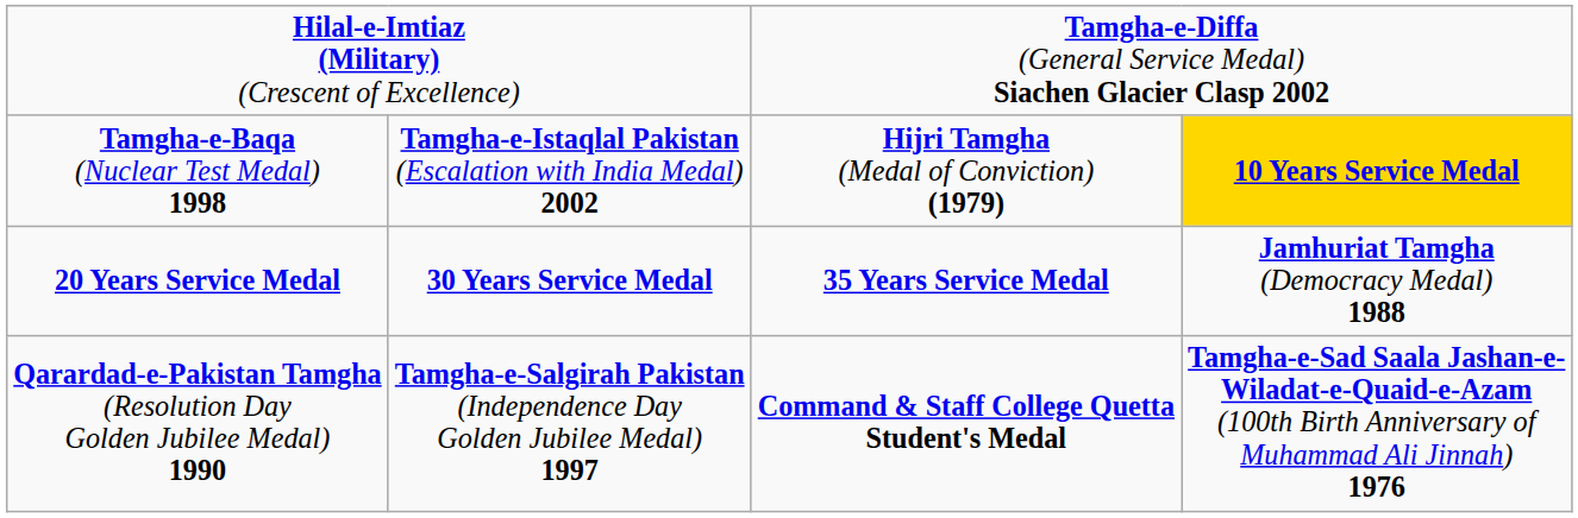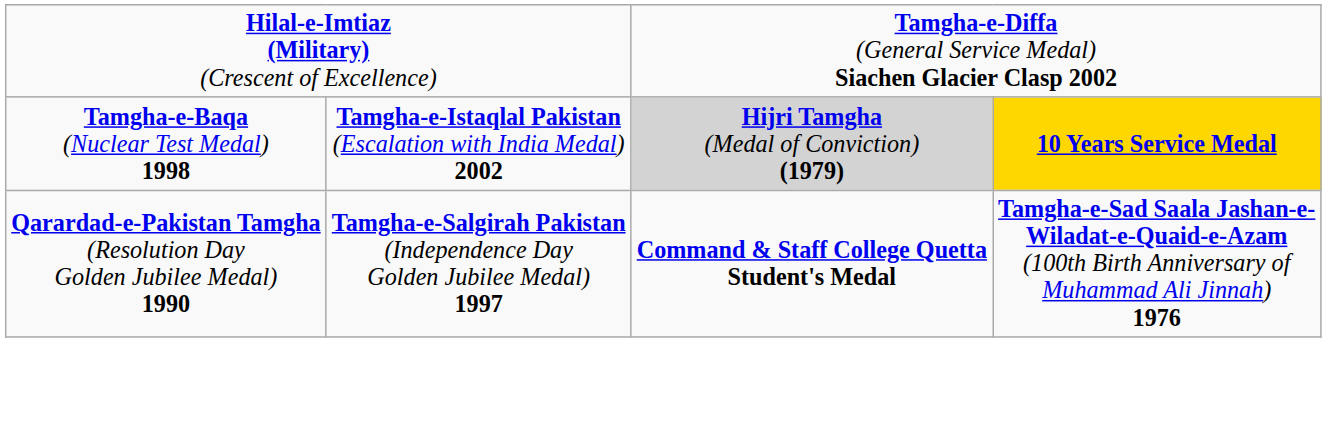 <table class="wikitable" style="margin:1em auto; text-align:center;">
 <tr>
 <td colspan="2"><strong><a href='#'>Hilal-e-Imtiaz</a></strong><br><strong><a href='#'>(Military)</a></strong><br><em>(Crescent of Excellence)</em></td>
 <td colspan="2"><a href='#'><strong>Tamgha-e-Diffa</strong></a><br><em>(General Service Medal)</em><br><strong>Siachen Glacier Clasp</strong> <strong>2002</strong></td>
 </tr>
 <tr>
 <td><strong><a href='#'>Tamgha-e-Baqa</a></strong><br><em>(<a href='#'>Nuclear Test Medal</a>)</em><br><strong>1998</strong></td>
 <td><strong><a href='#'>Tamgha-e-Istaqlal Pakistan</a></strong><br><em>(<a href='#'>Escalation with India Medal</a>)</em><br><strong>2002</strong></td>
-<td><strong><a href='#'>Hijri Tamgha</a></strong><br><em>(Medal of Conviction)</em><br><strong>(1979)</strong></td>
+<td style="background: lightgrey;"><strong><a href='#'>Hijri Tamgha</a></strong><br><em>(Medal of Conviction)</em><br><strong>(1979)</strong></td>
 <td style="background: gold;"><strong><a href='#'>10 Years Service Medal</a></strong></td>
-</tr>
-<tr>
-<td><strong><a href='#'>20 Years Service Medal</a></strong></td>
-<td><strong><a href='#'>30 Years Service Medal</a></strong></td>
-<td><strong><a href='#'>35 Years Service Medal</a></strong></td>
-<td><strong><a href='#'>Jamhuriat Tamgha</a></strong><br><em>(Democracy Medal)</em><br><strong>1988</strong></td>
 </tr>
 <tr>
 <td><strong><a href='#'>Qarardad-e-Pakistan Tamgha</a></strong><br><em>(Resolution Day</em><br><em>Golden Jubilee Medal)</em><br><strong>1990</strong></td>
 <td><strong><a href='#'>Tamgha-e-Salgirah Pakistan</a></strong><br><em>(Independence Day</em><br><em>Golden Jubilee Medal)</em><br><strong>1997</strong></td>
 <td><strong><a href='#'>Command & Staff College Quetta</a></strong><br><strong>Student's Medal</strong></td>
 <td><strong><a href='#'>Tamgha-e-Sad Saala Jashan-e-</a></strong><br><strong><a href='#'>Wiladat-e-Quaid-e-Azam</a></strong><br><em>(100th Birth Anniversary of</em><br><em><a href='#'>Muhammad Ali Jinnah</a>)</em><br><strong>1976</strong></td>
 </tr>
 </table>
